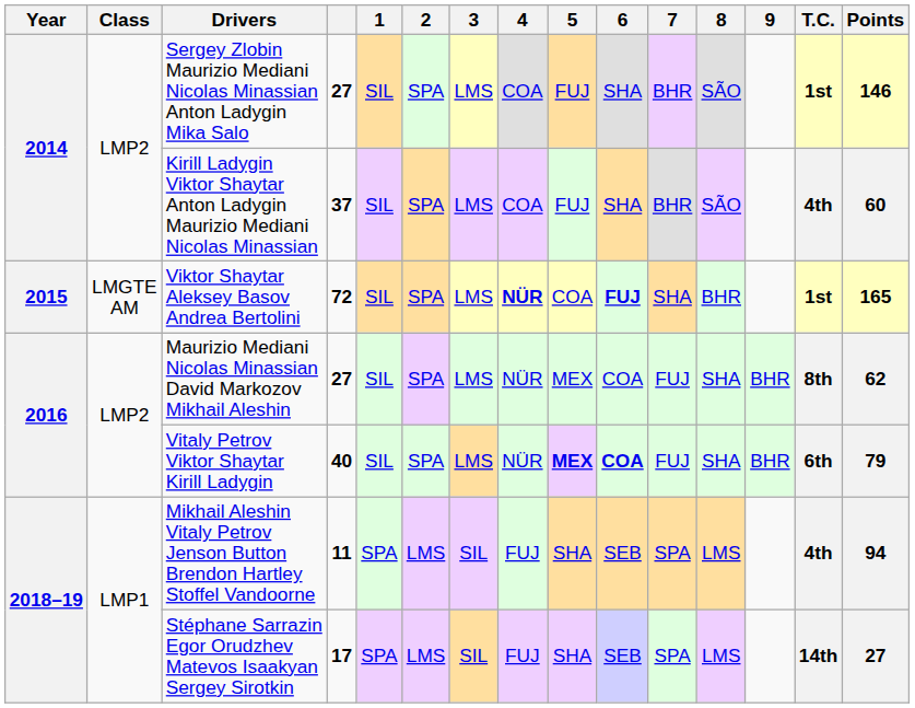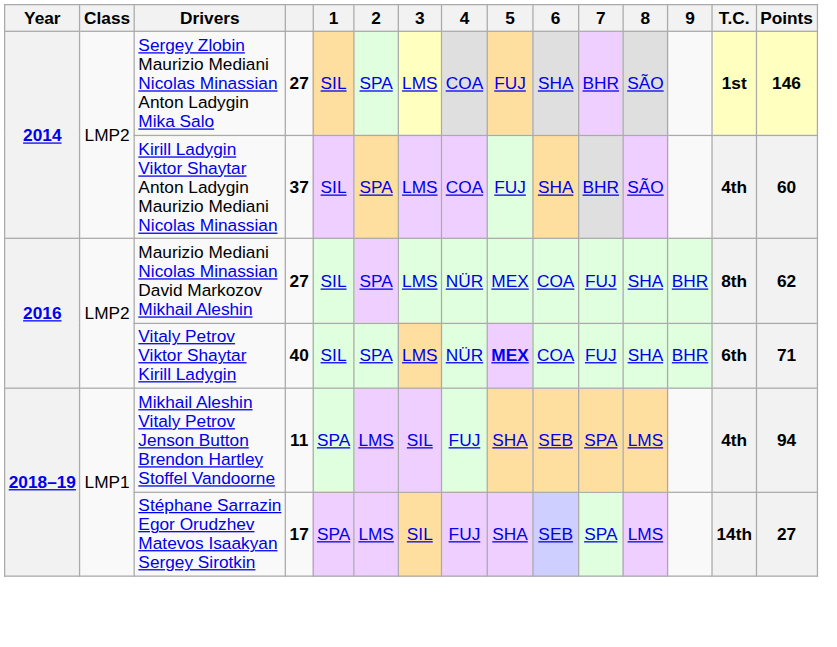 <table class="wikitable" style="text-align:center; font-size:85%">
 <tr>
 <th>Year</th>
 <th>Class</th>
 <th>Drivers</th>
 <th></th>
 <th>1</th>
 <th>2</th>
 <th>3</th>
 <th>4</th>
 <th>5</th>
 <th>6</th>
 <th>7</th>
 <th>8</th>
 <th>9</th>
 <th>T.C.</th>
 <th>Points</th>
 </tr>
 <tr>
 <th rowspan=2><a href='#'>2014</a></th>
 <td rowspan=2>LMP2</td>
 <td align="left" style="border-left:0px"> <a href='#'>Sergey Zlobin</a><br> Maurizio Mediani<br> <a href='#'>Nicolas Minassian</a><br> Anton Ladygin<br> <a href='#'>Mika Salo</a></td>
 <td><strong>27</strong></td>
 <td style="background:#FFDF9F;"><a href='#'>SIL</a><br></td>
 <td style="background:#DFFFDF;"><a href='#'>SPA</a><br></td>
 <td style="background:#FFFFBF;"><a href='#'>LMS</a><br></td>
 <td style="background:#DFDFDF;"><a href='#'>COA</a><br></td>
 <td style="background:#FFDF9F;"><a href='#'>FUJ</a><br></td>
 <td style="background:#DFDFDF;"><a href='#'>SHA</a><br></td>
 <td style="background:#EFCFFF;"><a href='#'>BHR</a><br></td>
 <td style="background:#DFDFDF;"><a href='#'>SÃO</a><br></td>
 <td></td>
 <th style="background:#FFFFBF">1st</th>
 <th style="background:#FFFFBF">146</th>
 </tr>
 <tr>
 <td align="left" style="border-left:0px"> <a href='#'>Kirill Ladygin</a><br> <a href='#'>Viktor Shaytar</a><br> Anton Ladygin<br> Maurizio Mediani<br> <a href='#'>Nicolas Minassian</a></td>
 <td><strong>37</strong></td>
 <td style="background:#EFCFFF;"><a href='#'>SIL</a><br></td>
 <td style="background:#FFDF9F;"><a href='#'>SPA</a><br></td>
 <td style="background:#EFCFFF;"><a href='#'>LMS</a><br></td>
 <td style="background:#EFCFFF;"><a href='#'>COA</a><br></td>
 <td style="background:#DFFFDF;"><a href='#'>FUJ</a><br></td>
 <td style="background:#FFDF9F;"><a href='#'>SHA</a><br></td>
 <td style="background:#DFDFDF;"><a href='#'>BHR</a><br></td>
 <td style="background:#EFCFFF;"><a href='#'>SÃO</a><br></td>
 <td></td>
 <th>4th</th>
 <th>60</th>
 </tr>
 <tr>
-<th><a href='#'>2015</a></th>
-<td>LMGTE<br>AM</td>
-<td align="left" style="border-left:0px"> <a href='#'>Viktor Shaytar</a><br> <a href='#'>Aleksey Basov</a><br> <a href='#'>Andrea Bertolini</a></td>
-<td><strong>72</strong></td>
-<td style="background:#FFDF9F;"><a href='#'>SIL</a><br></td>
-<td style="background:#FFDF9F;"><a href='#'>SPA</a><br></td>
-<td style="background:#FFFFBF;"><a href='#'>LMS</a><br></td>
-<td style="background:#FFFFBF;"><strong><a href='#'>NÜR</a></strong><br></td>
-<td style="background:#FFFFBF;"><a href='#'>COA</a><br></td>
-<td style="background:#DFFFDF;"><strong><a href='#'>FUJ</a></strong><br></td>
-<td style="background:#FFDF9F;"><a href='#'>SHA</a><br></td>
-<td style="background:#DFFFDF;"><a href='#'>BHR</a><br></td>
-<td></td>
-<th style="background:#FFFFBF">1st</th>
-<th style="background:#FFFFBF">165</th>
-</tr>
-<tr>
 <th rowspan=2><a href='#'>2016</a></th>
 <td rowspan=2>LMP2</td>
 <td align="left" style="border-left:0px"> Maurizio Mediani<br> <a href='#'>Nicolas Minassian</a><br> David Markozov<br> <a href='#'>Mikhail Aleshin</a></td>
 <td><strong>27</strong></td>
 <td style="background:#DFFFDF;"><a href='#'>SIL</a><br></td>
 <td style="background:#EFCFFF;"><a href='#'>SPA</a><br></td>
 <td style="background:#DFFFDF;"><a href='#'>LMS</a><br></td>
 <td style="background:#DFFFDF;"><a href='#'>NÜR</a><br></td>
 <td style="background:#DFFFDF;"><a href='#'>MEX</a><br></td>
 <td style="background:#DFFFDF;"><a href='#'>COA</a><br></td>
 <td style="background:#DFFFDF;"><a href='#'>FUJ</a><br></td>
 <td style="background:#DFFFDF;"><a href='#'>SHA</a><br></td>
 <td style="background:#DFFFDF;"><a href='#'>BHR</a><br></td>
 <th>8th</th>
 <th>62</th>
 </tr>
 <tr>
 <td align="left" style="border-left:0px"> <a href='#'>Vitaly Petrov</a><br> <a href='#'>Viktor Shaytar</a><br> <a href='#'>Kirill Ladygin</a></td>
 <td><strong>40</strong></td>
 <td style="background:#DFFFDF;"><a href='#'>SIL</a><br></td>
 <td style="background:#DFFFDF;"><a href='#'>SPA</a><br></td>
 <td style="background:#FFDF9F;"><a href='#'>LMS</a><br></td>
 <td style="background:#DFFFDF;"><a href='#'>NÜR</a><br></td>
 <td style="background:#EFCFFF;"><strong><a href='#'>MEX</a><br></strong></td>
-<td style="background:#DFFFDF;"><strong><a href='#'>COA</a><br></strong></td>
+<td style="background:#DFFFDF;"><a href='#'>COA</a><br></td>
 <td style="background:#DFFFDF;"><a href='#'>FUJ</a><br></td>
 <td style="background:#DFFFDF;"><a href='#'>SHA</a><br></td>
 <td style="background:#DFFFDF;"><a href='#'>BHR</a><br></td>
 <th>6th</th>
-<th>79</th>
+<th>71</th>
 </tr>
 <tr>
 <th rowspan=2><a href='#'>2018–19</a></th>
 <td rowspan=2>LMP1</td>
 <td align="left" style="border-left:0px"> <a href='#'>Mikhail Aleshin</a><br> <a href='#'>Vitaly Petrov</a><br> <a href='#'>Jenson Button</a><br> <a href='#'>Brendon Hartley</a><br> <a href='#'>Stoffel Vandoorne</a></td>
 <td><strong>11</strong></td>
 <td style="background:#DFFFDF;"><a href='#'>SPA</a><br></td>
 <td style="background:#EFCFFF;"><a href='#'>LMS</a><br></td>
 <td style="background:#EFCFFF;"><a href='#'>SIL</a><br></td>
 <td style="background:#DFFFDF;"><a href='#'>FUJ</a><br></td>
 <td style="background:#FFDF9F;"><a href='#'>SHA</a><br></td>
 <td style="background:#FFDF9F;"><a href='#'>SEB</a><br></td>
 <td style="background:#FFDF9F;"><a href='#'>SPA</a><br></td>
 <td style="background:#FFDF9F;"><a href='#'>LMS</a><br></td>
 <td></td>
 <th>4th</th>
 <th>94</th>
 </tr>
 <tr>
 <td align="left" style="border-left:0px"> <a href='#'>Stéphane Sarrazin</a><br> <a href='#'>Egor Orudzhev</a><br> <a href='#'>Matevos Isaakyan</a><br> <a href='#'>Sergey Sirotkin</a></td>
 <td><strong>17</strong></td>
 <td style="background:#EFCFFF;"><a href='#'>SPA</a><br></td>
 <td style="background:#EFCFFF;"><a href='#'>LMS</a><br></td>
 <td style="background:#FFDF9F;"><a href='#'>SIL</a><br></td>
 <td style="background:#EFCFFF;"><a href='#'>FUJ</a><br></td>
 <td style="background:#EFCFFF;"><a href='#'>SHA</a><br></td>
 <td style="background:#CFCFFF;"><a href='#'>SEB</a><br></td>
 <td style="background:#DFFFDF;"><a href='#'>SPA</a><br></td>
 <td style="background:#EFCFFF;"><a href='#'>LMS</a><br></td>
 <td></td>
 <th>14th</th>
 <th>27</th>
 </tr>
 </table>
